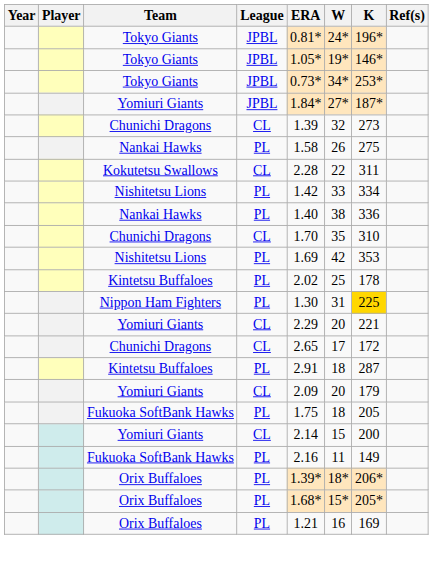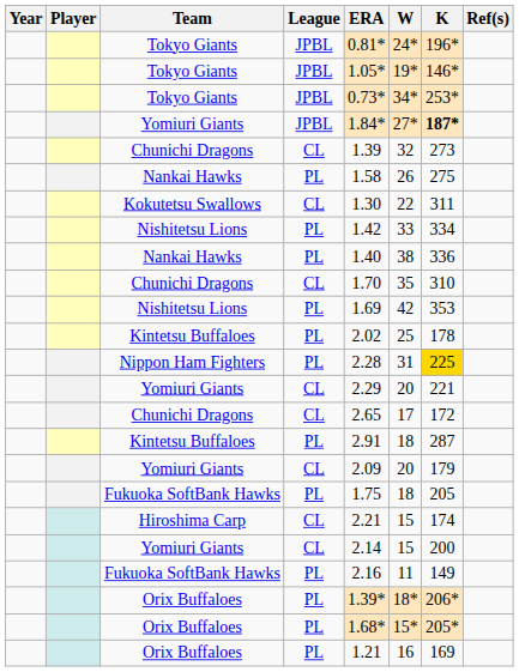 <table class="wikitable sortable plainrowheaders" style="text-align:center;">
 <tr>
 <th scope="col">Year</th>
 <th scope="col">Player</th>
 <th scope="col">Team</th>
 <th scope="col">League</th>
 <th scope="col">ERA</th>
 <th scope="col">W</th>
 <th scope="col">K</th>
 <th scope="col" class="unsortable">Ref(s)</th>
 </tr>
 <tr>
 <td></td>
 <th scope="row" style="text-align:center; background-color: #ffffbb">  </th>
 <td><a href='#'>Tokyo Giants</a></td>
 <td><a href='#'>JPBL</a></td>
 <td style="background-color:#FFE6BD;">0.81*</td>
 <td style="background-color:#FFE6BD;">24*</td>
 <td style="background-color:#FFE6BD;">196*</td>
 <td></td>
 </tr>
 <tr>
 <td></td>
 <th scope="row" style="text-align:center; background-color: #ffffbb"> </th>
 <td><a href='#'>Tokyo Giants</a></td>
 <td><a href='#'>JPBL</a></td>
 <td style="background-color:#FFE6BD;">1.05*</td>
 <td style="background-color:#FFE6BD;">19*</td>
 <td style="background-color:#FFE6BD;">146*</td>
 <td></td>
 </tr>
 <tr>
 <td></td>
 <th scope="row" style="text-align:center; background-color: #ffffbb"> </th>
 <td><a href='#'>Tokyo Giants</a></td>
 <td><a href='#'>JPBL</a></td>
 <td style="background-color:#FFE6BD;">0.73*</td>
 <td style="background-color:#FFE6BD;">34*</td>
 <td style="background-color:#FFE6BD;">253*</td>
 <td></td>
 </tr>
 <tr>
 <td></td>
 <th scope="row" style="text-align:center"></th>
 <td><a href='#'>Yomiuri Giants</a></td>
 <td><a href='#'>JPBL</a></td>
 <td style="background-color:#FFE6BD;">1.84*</td>
 <td style="background-color:#FFE6BD;">27*</td>
-<td style="background-color:#FFE6BD;">187*</td>
+<td style="background-color:#FFE6BD;"><strong>187*</strong></td>
 <td></td>
 </tr>
 <tr>
 <td></td>
 <th scope="row" style="text-align:center; background-color: #ffffbb">  </th>
 <td><a href='#'>Chunichi Dragons</a></td>
 <td><a href='#'>CL</a></td>
 <td>1.39</td>
 <td>32</td>
 <td>273</td>
 <td></td>
 </tr>
 <tr>
 <td></td>
 <th scope="row" style="text-align:center"></th>
 <td><a href='#'>Nankai Hawks</a></td>
 <td><a href='#'>PL</a></td>
 <td>1.58</td>
 <td>26</td>
 <td>275</td>
 <td></td>
 </tr>
 <tr>
 <td></td>
 <th scope="row" style="text-align:center; background-color: #ffffbb"> </th>
 <td><a href='#'>Kokutetsu Swallows</a></td>
 <td><a href='#'>CL</a></td>
-<td>2.28</td>
+<td>1.30</td>
 <td>22</td>
 <td>311</td>
 <td></td>
 </tr>
 <tr>
 <td></td>
 <th scope="row" style="text-align:center; background-color: #ffffbb"> </th>
 <td><a href='#'>Nishitetsu Lions</a></td>
 <td><a href='#'>PL</a></td>
 <td>1.42</td>
 <td>33</td>
 <td>334</td>
 <td></td>
 </tr>
 <tr>
 <td></td>
 <th scope="row" style="text-align:center; background-color: #ffffbb"> </th>
 <td><a href='#'>Nankai Hawks</a></td>
 <td><a href='#'>PL</a></td>
 <td>1.40</td>
 <td>38</td>
 <td>336</td>
 <td></td>
 </tr>
 <tr>
 <td></td>
 <th scope="row" style="text-align:center; background-color: #ffffbb"> </th>
 <td><a href='#'>Chunichi Dragons</a></td>
 <td><a href='#'>CL</a></td>
 <td>1.70</td>
 <td>35</td>
 <td>310</td>
 <td></td>
 </tr>
 <tr>
 <td></td>
 <th scope="row" style="text-align:center; background-color: #ffffbb"> </th>
 <td><a href='#'>Nishitetsu Lions</a></td>
 <td><a href='#'>PL</a></td>
 <td>1.69</td>
 <td>42</td>
 <td>353</td>
 <td></td>
 </tr>
 <tr>
 <td></td>
 <th scope="row" style="text-align:center; background-color: #ffffbb"></th>
 <td><a href='#'>Kintetsu Buffaloes</a></td>
 <td><a href='#'>PL</a></td>
 <td>2.02</td>
 <td>25</td>
 <td>178</td>
 <td></td>
 </tr>
 <tr>
 <td></td>
 <th scope="row" style="text-align:center"></th>
 <td><a href='#'>Nippon Ham Fighters</a></td>
 <td><a href='#'>PL</a></td>
-<td>1.30</td>
+<td>2.28</td>
 <td>31</td>
 <td style="background: gold;">225</td>
 <td></td>
 </tr>
 <tr>
 <td></td>
 <th scope="row" style="text-align:center"></th>
 <td><a href='#'>Yomiuri Giants</a></td>
 <td><a href='#'>CL</a></td>
 <td>2.29</td>
 <td>20</td>
 <td>221</td>
 <td></td>
 </tr>
 <tr>
 <td></td>
 <th scope="row" style="text-align:center"></th>
 <td><a href='#'>Chunichi Dragons</a></td>
 <td><a href='#'>CL</a></td>
 <td>2.65</td>
 <td>17</td>
 <td>172</td>
 <td></td>
 </tr>
 <tr>
 <td></td>
 <th scope="row" style="text-align:center; background-color: #ffffbb"> </th>
 <td><a href='#'>Kintetsu Buffaloes</a></td>
 <td><a href='#'>PL</a></td>
 <td>2.91</td>
 <td>18</td>
 <td>287</td>
 <td></td>
 </tr>
 <tr>
 <td></td>
 <th scope="row" style="text-align:center;"></th>
 <td><a href='#'>Yomiuri Giants</a></td>
 <td><a href='#'>CL</a></td>
 <td>2.09</td>
 <td>20</td>
 <td>179</td>
 <td></td>
 </tr>
 <tr>
 <td></td>
 <th scope="row" style="text-align:center"></th>
 <td><a href='#'>Fukuoka SoftBank Hawks</a></td>
 <td><a href='#'>PL</a></td>
 <td>1.75</td>
 <td>18</td>
 <td>205</td>
 <td></td>
 </tr>
 <tr>
 <td></td>
 <th scope="row" style="text-align:center; background-color: #cfecec"> </th>
+<td><a href='#'>Hiroshima Carp</a></td>
+<td><a href='#'>CL</a></td>
+<td>2.21</td>
+<td>15</td>
+<td>174</td>
+<td></td>
+</tr>
+<tr>
+<td></td>
+<th scope="row" style="text-align:center; background-color: #cfecec"> </th>
 <td><a href='#'>Yomiuri Giants</a></td>
 <td><a href='#'>CL</a></td>
 <td>2.14</td>
 <td>15</td>
 <td>200</td>
 <td></td>
 </tr>
 <tr>
 <td></td>
 <th scope="row" style="text-align:center; background-color: #cfecec"> </th>
 <td><a href='#'>Fukuoka SoftBank Hawks</a></td>
 <td><a href='#'>PL</a></td>
 <td>2.16</td>
 <td>11</td>
 <td>149</td>
 <td></td>
 </tr>
 <tr>
 <td></td>
 <th scope="row" style="text-align:center; background-color: #cfecec"> </th>
 <td><a href='#'>Orix Buffaloes</a></td>
 <td><a href='#'>PL</a></td>
 <td style="background-color:#FFE6BD;">1.39*</td>
 <td style="background-color:#FFE6BD;">18*</td>
 <td style="background-color:#FFE6BD;">206*</td>
 <td></td>
 </tr>
 <tr>
 <td></td>
 <th scope="row" style="text-align:center; background-color: #cfecec"> </th>
 <td><a href='#'>Orix Buffaloes</a></td>
 <td><a href='#'>PL</a></td>
 <td style="background-color:#FFE6BD;">1.68*</td>
 <td style="background-color:#FFE6BD;">15*</td>
 <td style="background-color:#FFE6BD;">205*</td>
 <td></td>
 </tr>
 <tr>
 <td></td>
 <th scope="row" style="text-align:center; background-color: #cfecec"> </th>
 <td><a href='#'>Orix Buffaloes</a></td>
 <td><a href='#'>PL</a></td>
 <td>1.21</td>
 <td>16</td>
 <td>169</td>
 <td></td>
 </tr>
 </table>
